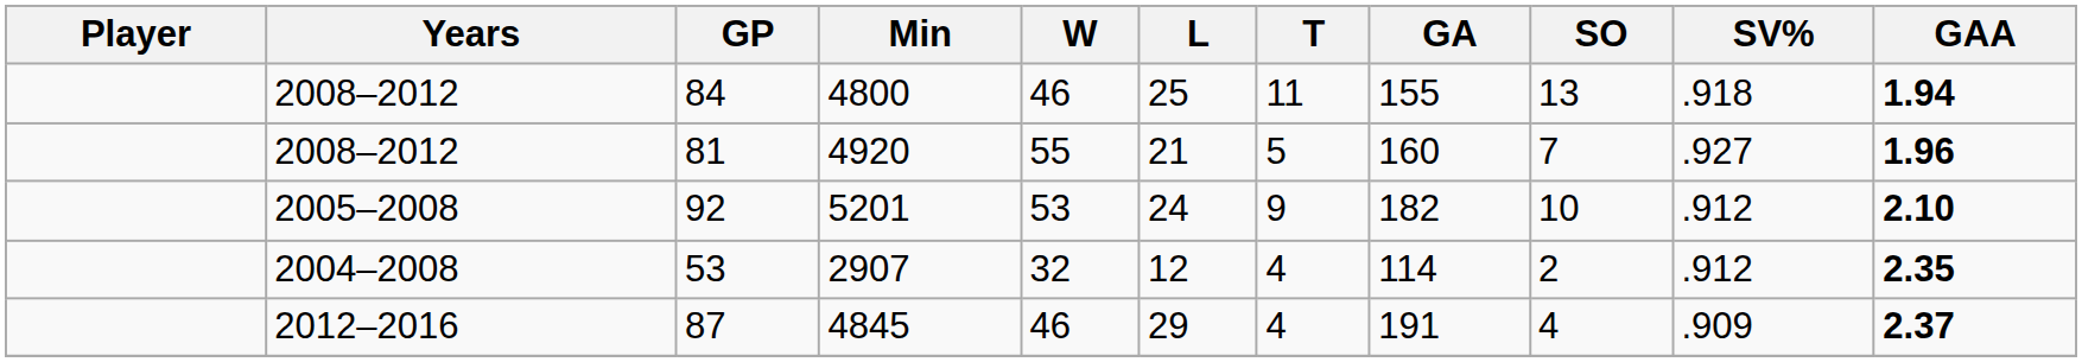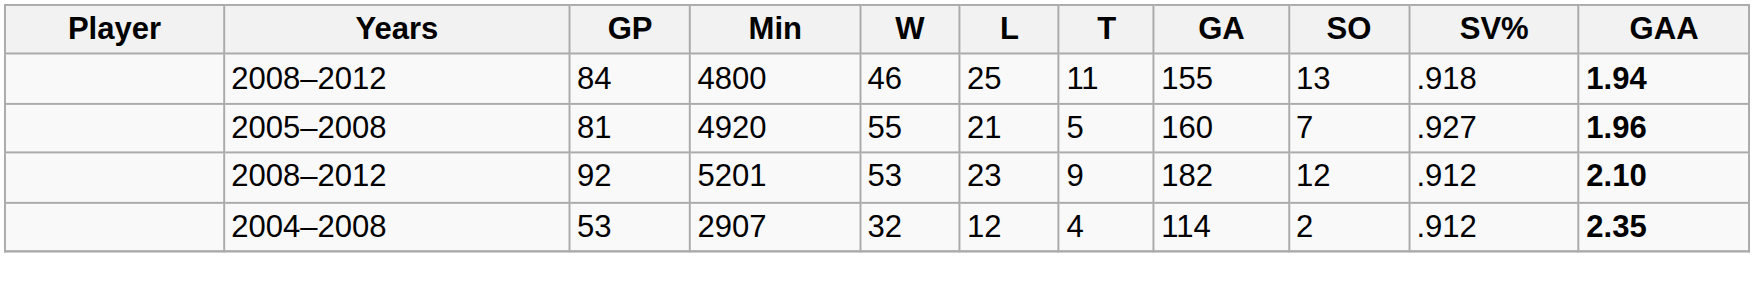 <table class="wikitable sortable" width = 900>
 <tr>
 <th>Player</th>
 <th>Years</th>
 <th>GP</th>
 <th>Min</th>
 <th>W</th>
 <th>L</th>
 <th>T</th>
 <th>GA</th>
 <th>SO</th>
 <th>SV%</th>
 <th>GAA</th>
 </tr>
 <tr>
 <td></td>
 <td>2008–2012</td>
 <td>84</td>
 <td>4800</td>
 <td>46</td>
 <td>25</td>
 <td>11</td>
 <td>155</td>
 <td>13</td>
 <td>.918</td>
 <td><strong>1.94</strong></td>
 </tr>
 <tr>
 <td></td>
-<td>2008–2012</td>
+<td>2005–2008</td>
 <td>81</td>
 <td>4920</td>
 <td>55</td>
 <td>21</td>
 <td>5</td>
 <td>160</td>
 <td>7</td>
 <td>.927</td>
 <td><strong>1.96</strong></td>
 </tr>
 <tr>
 <td></td>
-<td>2005–2008</td>
+<td>2008–2012</td>
 <td>92</td>
 <td>5201</td>
 <td>53</td>
-<td>24</td>
+<td>23</td>
 <td>9</td>
 <td>182</td>
-<td>10</td>
+<td>12</td>
 <td>.912</td>
 <td><strong>2.10</strong></td>
 </tr>
 <tr>
 <td></td>
 <td>2004–2008</td>
 <td>53</td>
 <td>2907</td>
 <td>32</td>
 <td>12</td>
 <td>4</td>
 <td>114</td>
 <td>2</td>
 <td>.912</td>
 <td><strong>2.35</strong></td>
 </tr>
 <tr>
-<td></td>
-<td>2012–2016</td>
-<td>87</td>
-<td>4845</td>
-<td>46</td>
-<td>29</td>
-<td>4</td>
-<td>191</td>
-<td>4</td>
-<td>.909</td>
-<td><strong>2.37</strong></td>
-</tr>
-<tr>
 </tr>
 </table>
